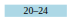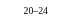 <table style="text-align:center">
 <tr>
 <th width=200></th>
 <th width=100></th>
 <th width=200></th>
 </tr>
 <tr>
 <td align=right></td>
-<td style="background: lightblue;">20–24</td>
+<td>20–24</td>
 <td align=left><strong></strong></td>
 </tr>
 </table>
